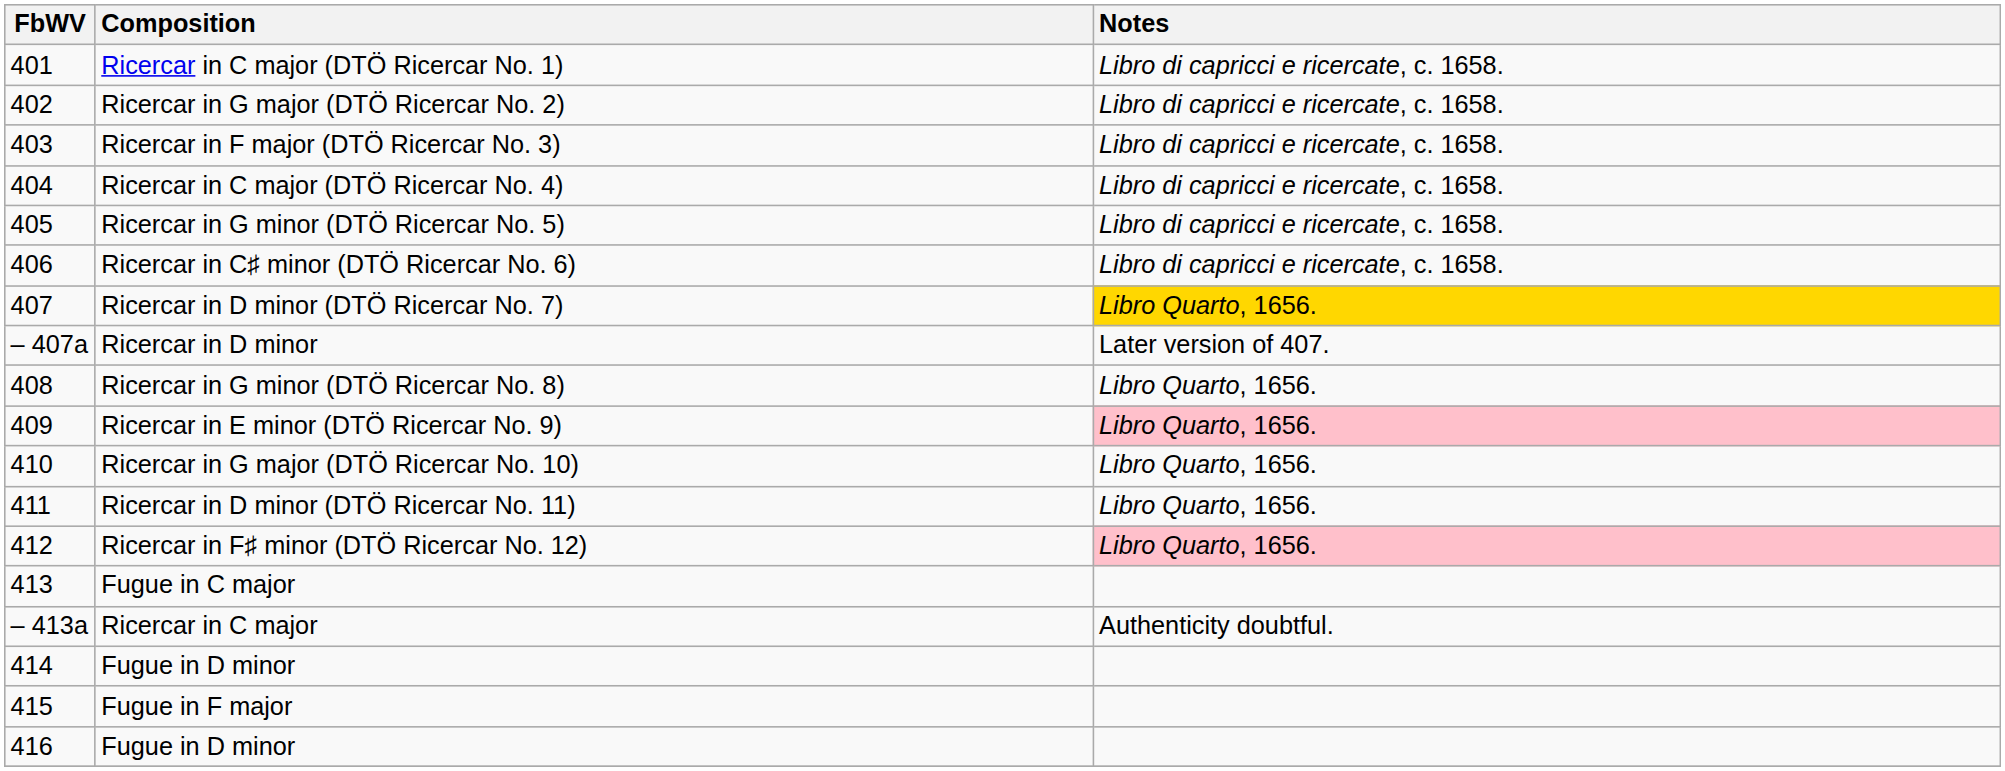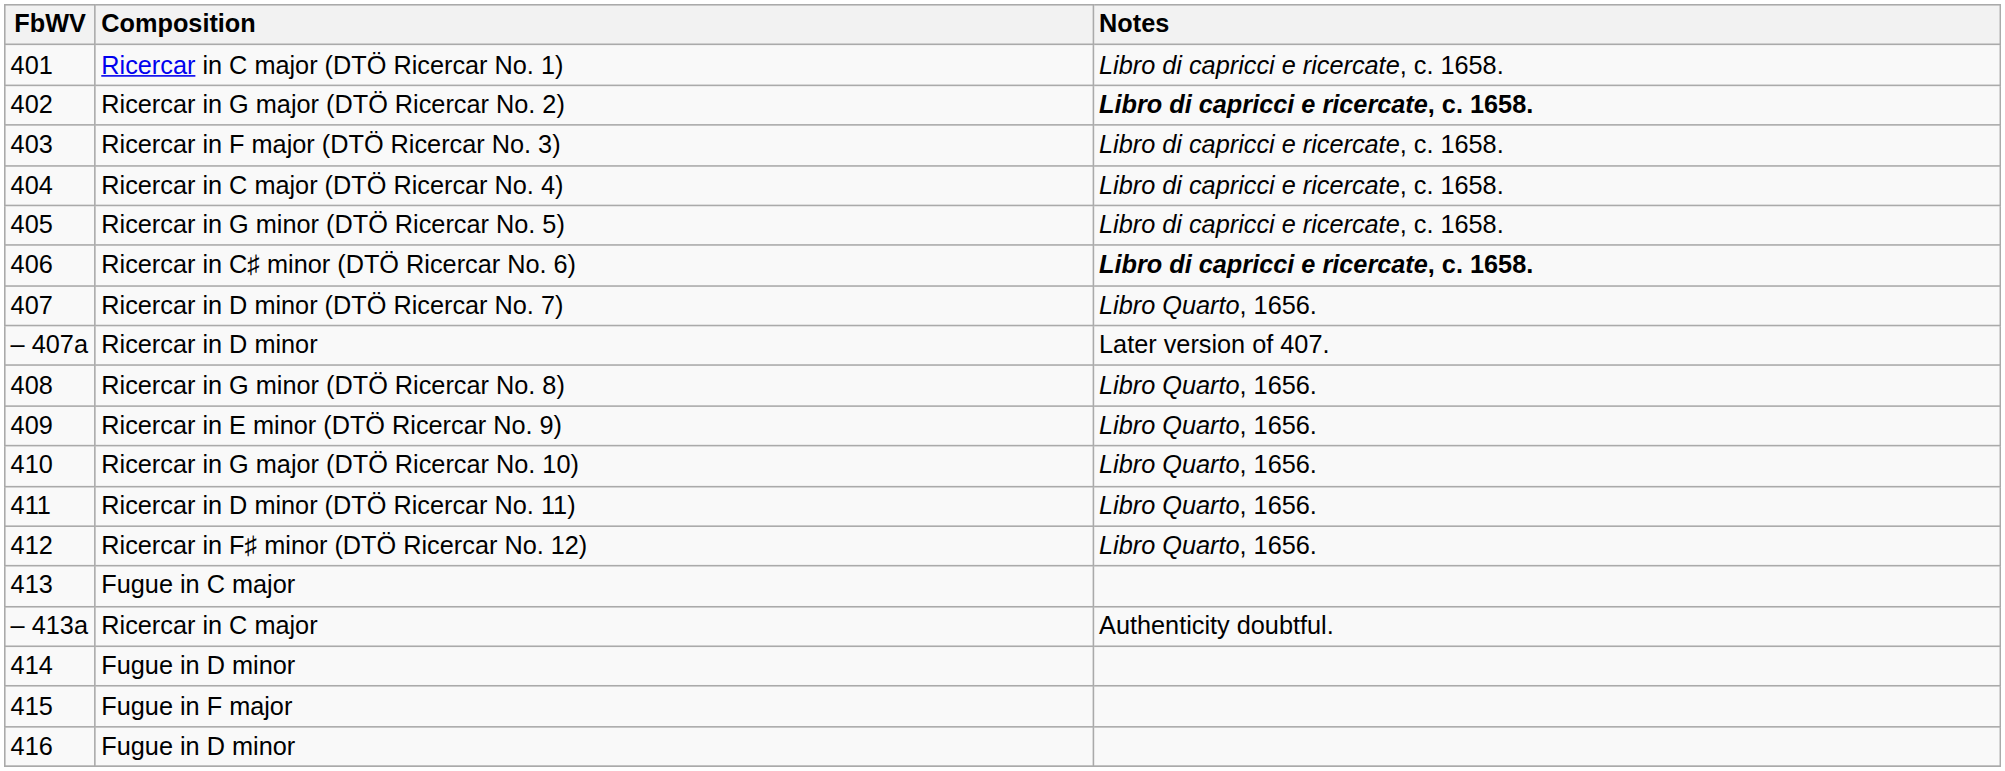 <table class="wikitable" width="100%">
 <tr>
 <th width="50">FbWV</th>
 <th style="text-align: left; width: 50%">Composition</th>
 <th style="text-align: left;">Notes</th>
 </tr>
 <tr>
 <td>401</td>
 <td><a href='#'>Ricercar</a> in C major (DTÖ Ricercar No. 1)</td>
 <td><em>Libro di capricci e ricercate</em>, c. 1658.</td>
 </tr>
 <tr>
 <td>402</td>
 <td>Ricercar in G major (DTÖ Ricercar No. 2)</td>
-<td><em>Libro di capricci e ricercate</em>, c. 1658.</td>
+<td><strong><em>Libro di capricci e ricercate</em>, c. 1658.</strong></td>
 </tr>
 <tr>
 <td>403</td>
 <td>Ricercar in F major (DTÖ Ricercar No. 3)</td>
 <td><em>Libro di capricci e ricercate</em>, c. 1658.</td>
 </tr>
 <tr>
 <td>404</td>
 <td>Ricercar in C major (DTÖ Ricercar No. 4)</td>
 <td><em>Libro di capricci e ricercate</em>, c. 1658.</td>
 </tr>
 <tr>
 <td>405</td>
 <td>Ricercar in G minor (DTÖ Ricercar No. 5)</td>
 <td><em>Libro di capricci e ricercate</em>, c. 1658.</td>
 </tr>
 <tr>
 <td>406</td>
 <td>Ricercar in C♯ minor (DTÖ Ricercar No. 6)</td>
-<td><em>Libro di capricci e ricercate</em>, c. 1658.</td>
+<td><strong><em>Libro di capricci e ricercate</em>, c. 1658.</strong></td>
 </tr>
 <tr>
 <td>407</td>
 <td>Ricercar in D minor (DTÖ Ricercar No. 7)</td>
-<td style="background: gold;"><em>Libro Quarto</em>, 1656.</td>
+<td><em>Libro Quarto</em>, 1656.</td>
 </tr>
 <tr>
 <td>– 407a</td>
 <td>Ricercar in D minor</td>
 <td>Later version of 407.</td>
 </tr>
 <tr>
 <td>408</td>
 <td>Ricercar in G minor (DTÖ Ricercar No. 8)</td>
 <td><em>Libro Quarto</em>, 1656.</td>
 </tr>
 <tr>
 <td>409</td>
 <td>Ricercar in E minor (DTÖ Ricercar No. 9)</td>
-<td style="background: pink;"><em>Libro Quarto</em>, 1656.</td>
+<td><em>Libro Quarto</em>, 1656.</td>
 </tr>
 <tr>
 <td>410</td>
 <td>Ricercar in G major (DTÖ Ricercar No. 10)</td>
 <td><em>Libro Quarto</em>, 1656.</td>
 </tr>
 <tr>
 <td>411</td>
 <td>Ricercar in D minor (DTÖ Ricercar No. 11)</td>
 <td><em>Libro Quarto</em>, 1656.</td>
 </tr>
 <tr>
 <td>412</td>
 <td>Ricercar in F♯ minor (DTÖ Ricercar No. 12)</td>
-<td style="background: pink;"><em>Libro Quarto</em>, 1656.</td>
+<td><em>Libro Quarto</em>, 1656.</td>
 </tr>
 <tr>
 <td>413</td>
 <td>Fugue in C major</td>
 <td></td>
 </tr>
 <tr>
 <td>– 413a</td>
 <td>Ricercar in C major</td>
 <td>Authenticity doubtful.</td>
 </tr>
 <tr>
 <td>414</td>
 <td>Fugue in D minor</td>
 <td></td>
 </tr>
 <tr>
 <td>415</td>
 <td>Fugue in F major</td>
 <td></td>
 </tr>
 <tr>
 <td>416</td>
 <td>Fugue in D minor</td>
 <td></td>
 </tr>
 <tr>
 </tr>
 </table>
